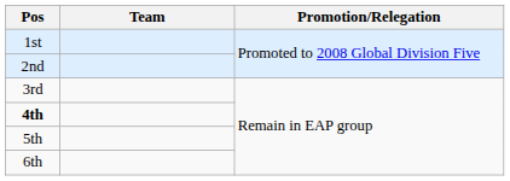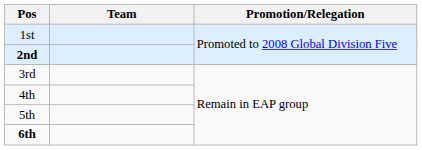 <table class="wikitable">
 <tr>
 <th width=50>Pos</th>
 <th width=175>Team</th>
 <th width=275>Promotion/Relegation</th>
 </tr>
 <tr style="background:#ddeeff">
 <td align="center">1st</td>
 <td></td>
 <td rowspan=2>Promoted to <a href='#'>2008 Global Division Five</a></td>
 </tr>
 <tr style="background:#ddeeff">
-<td align="center">2nd</td>
+<td align="center"><strong>2nd</strong></td>
 <td></td>
 </tr>
 <tr>
 <td align="center">3rd</td>
 <td></td>
 <td rowspan=4>Remain in EAP group</td>
 </tr>
 <tr>
-<td align="center"><strong>4th</strong></td>
+<td align="center">4th</td>
 <td></td>
 </tr>
 <tr>
 <td align="center">5th</td>
 <td></td>
 </tr>
 <tr>
-<td align="center">6th</td>
+<td align="center"><strong>6th</strong></td>
 <td></td>
 </tr>
 </table>
